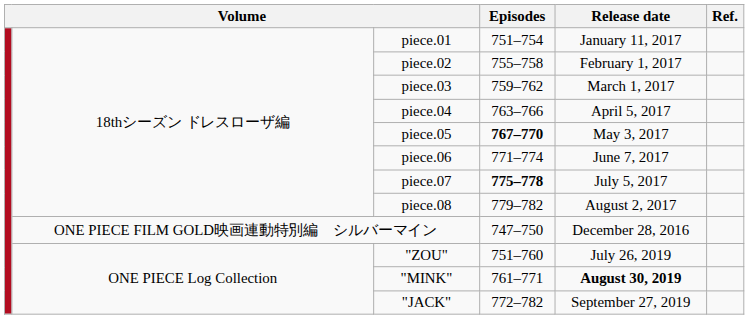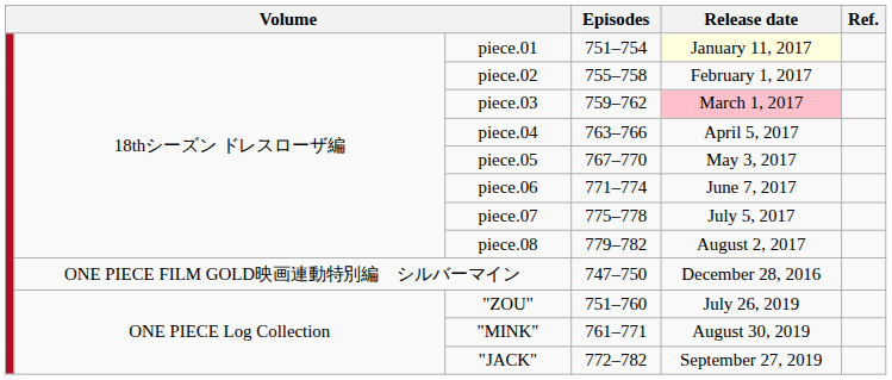 <table class="wikitable" style="text-align: center; width: 90%;">
 <tr>
 <th colspan="3">Volume</th>
 <th>Episodes</th>
 <th>Release date</th>
 <th style="width:5%;">Ref.</th>
 </tr>
 <tr>
 <td rowspan="15"  style="width:1%; background:#B20D21;"></td>
 <td rowspan="8">18thシーズン ドレスローザ編</td>
 <td>piece.01</td>
 <td>751–754</td>
-<td>January 11, 2017</td>
+<td style="background: lightyellow;">January 11, 2017</td>
 <td></td>
 </tr>
 <tr>
 <td>piece.02</td>
 <td>755–758</td>
 <td>February 1, 2017</td>
 <td></td>
 </tr>
 <tr>
 <td>piece.03</td>
 <td>759–762</td>
-<td>March 1, 2017</td>
+<td style="background: pink;">March 1, 2017</td>
 <td></td>
 </tr>
 <tr>
 <td>piece.04</td>
 <td>763–766</td>
 <td>April 5, 2017</td>
 <td></td>
 </tr>
 <tr>
 <td>piece.05</td>
-<td><strong>767–770</strong></td>
+<td>767–770</td>
 <td>May 3, 2017</td>
 <td></td>
 </tr>
 <tr>
 <td>piece.06</td>
 <td>771–774</td>
 <td>June 7, 2017</td>
 <td></td>
 </tr>
 <tr>
 <td>piece.07</td>
-<td><strong>775–778</strong></td>
+<td>775–778</td>
 <td>July 5, 2017</td>
 <td></td>
 </tr>
 <tr>
 <td>piece.08</td>
 <td>779–782</td>
 <td>August 2, 2017</td>
 <td></td>
 </tr>
 <tr>
 <td colspan="2">ONE PIECE FILM GOLD映画連動特別編　シルバーマイン</td>
 <td>747–750</td>
 <td>December 28, 2016</td>
 <td></td>
 </tr>
 <tr>
 <td rowspan="3">ONE PIECE Log Collection</td>
 <td>"ZOU"</td>
 <td>751–760</td>
 <td>July 26, 2019</td>
 <td></td>
 </tr>
 <tr>
 <td>"MINK"</td>
 <td>761–771</td>
-<td><strong>August 30, 2019</strong></td>
+<td>August 30, 2019</td>
 <td></td>
 </tr>
 <tr>
 <td>"JACK"</td>
 <td>772–782</td>
 <td>September 27, 2019</td>
 <td></td>
 </tr>
 </table>
